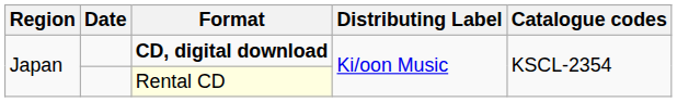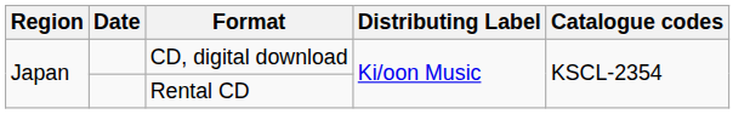 <table class="wikitable">
 <tr>
 <th>Region</th>
 <th>Date</th>
 <th>Format</th>
 <th>Distributing Label</th>
 <th>Catalogue codes</th>
 </tr>
 <tr>
 <td rowspan="2">Japan</td>
 <td></td>
-<td><strong>CD, digital download</strong></td>
+<td>CD, digital download</td>
 <td rowspan="2"><a href='#'>Ki/oon Music</a></td>
 <td rowspan="2">KSCL-2354</td>
 </tr>
 <tr>
 <td></td>
-<td style="background: lightyellow;">Rental CD</td>
+<td>Rental CD</td>
 </tr>
 </table>
